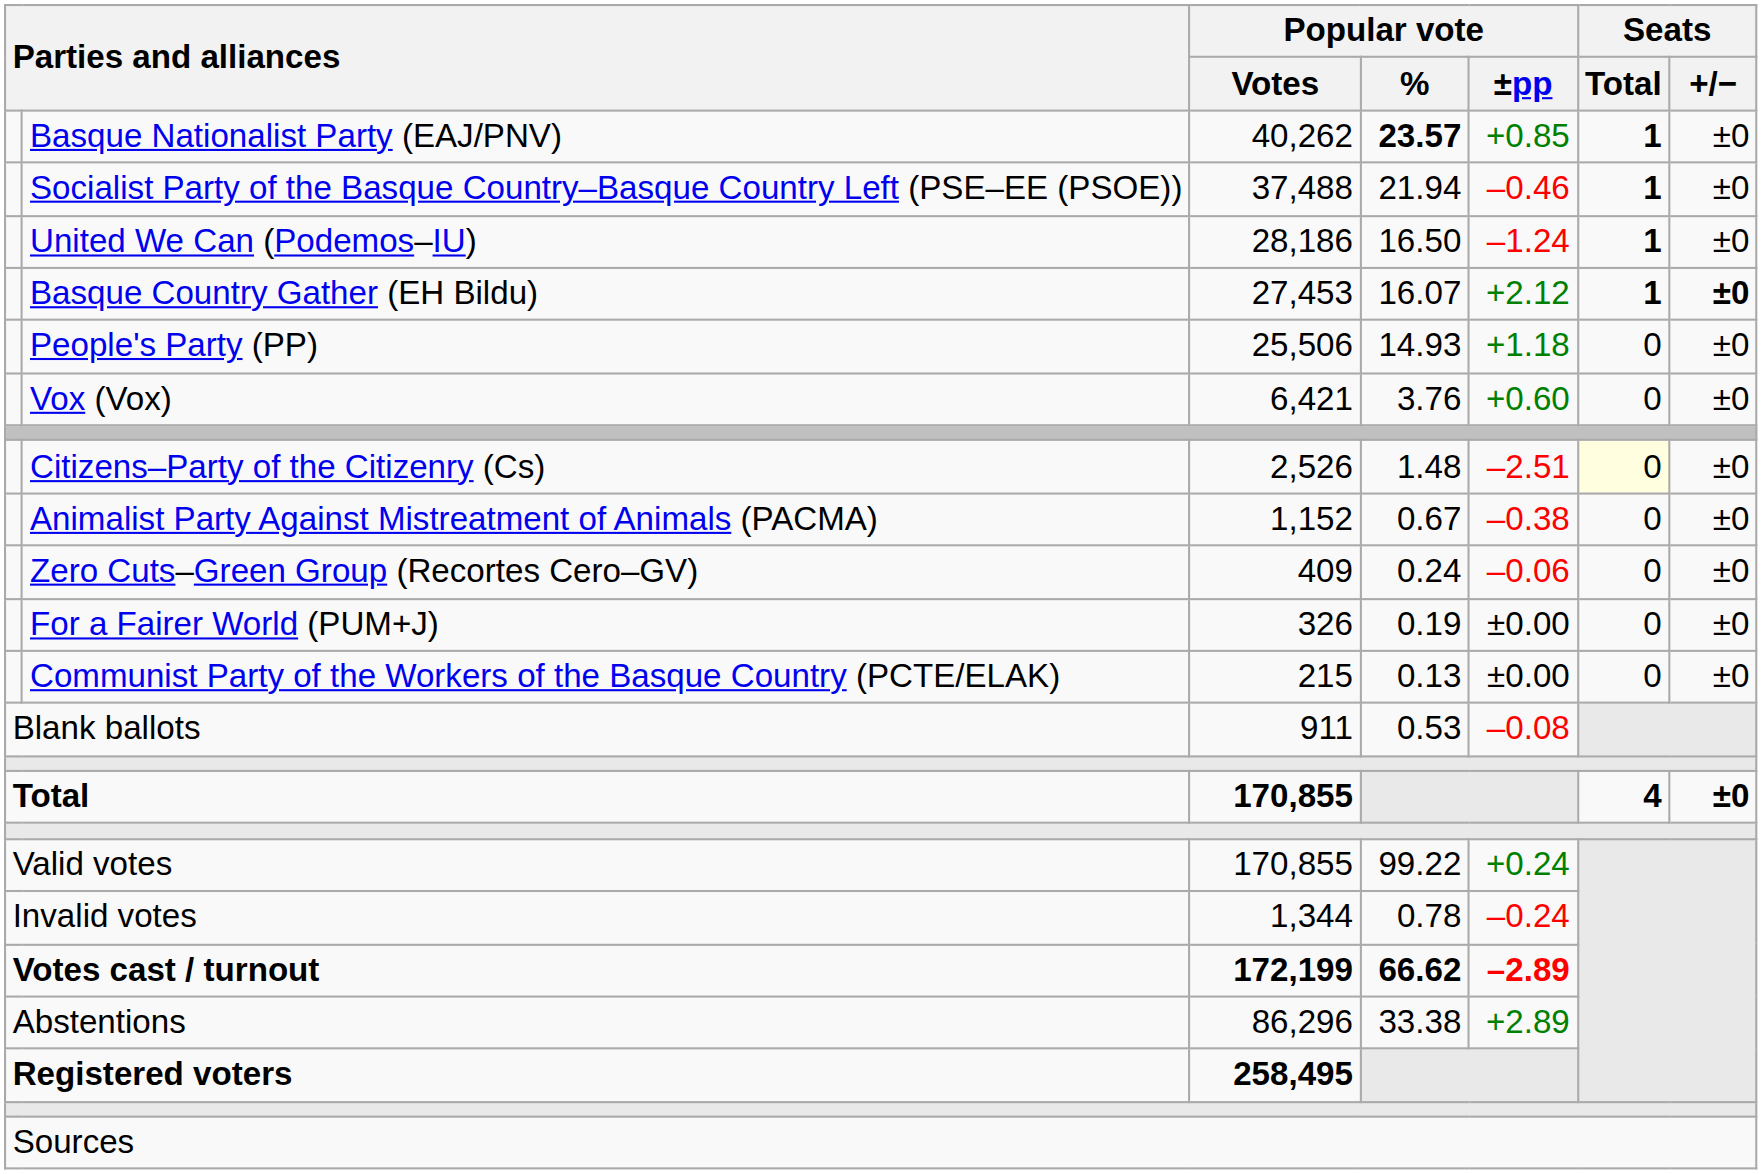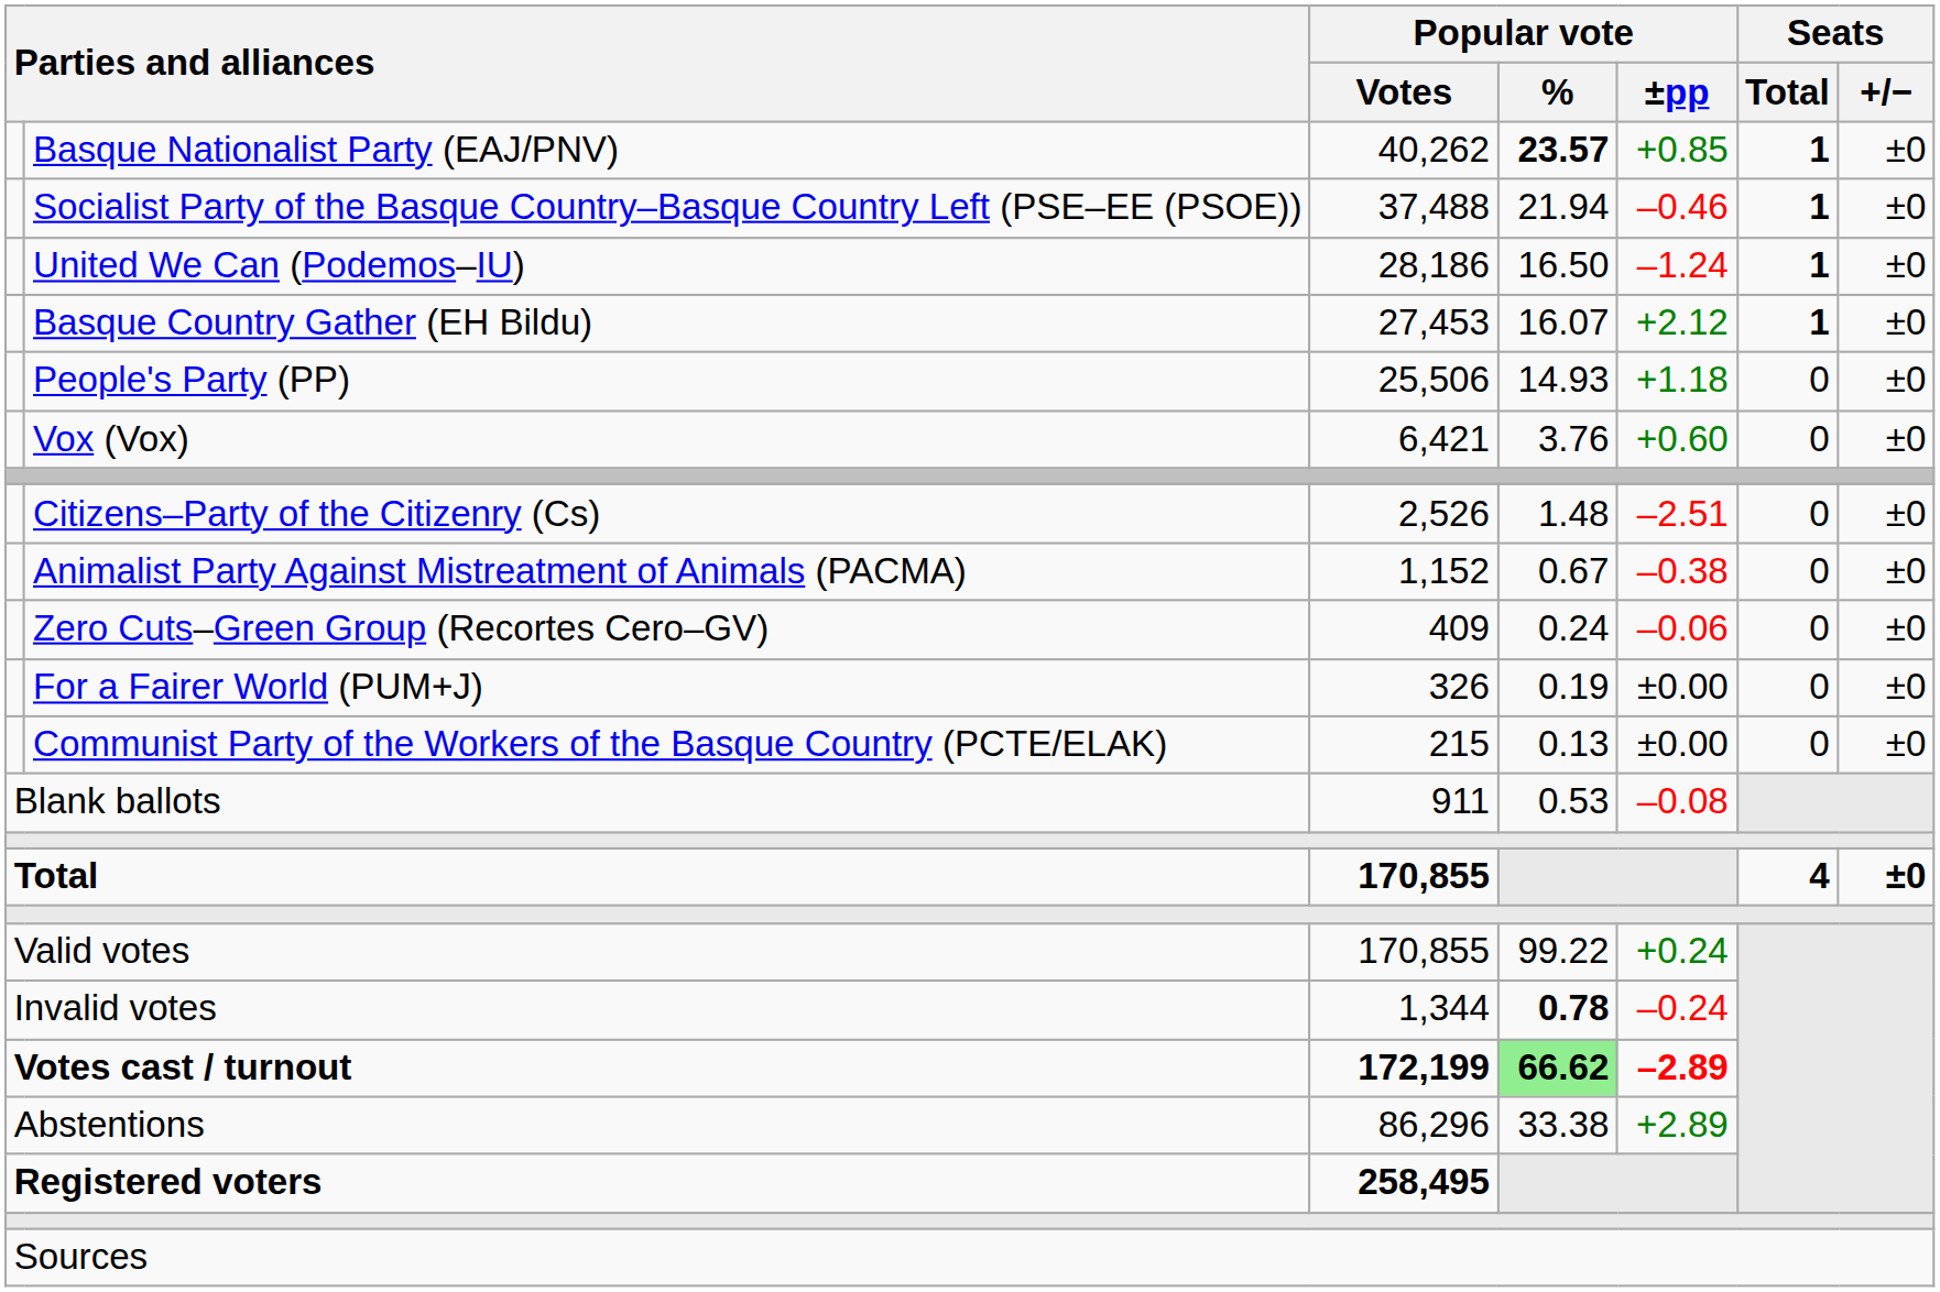 <table class="wikitable" style="text-align:right;">
 <tr>
 <th style="text-align:left;" rowspan="2" colspan="2" width="525">Parties and alliances</th>
 <th colspan="3">Popular vote</th>
 <th colspan="2">Seats</th>
 </tr>
 <tr>
 <th width="75">Votes</th>
 <th width="45">%</th>
 <th width="45">±<a href='#'>pp</a></th>
 <th width="35">Total</th>
 <th width="35">+/−</th>
 </tr>
 <tr>
 <td width="1" style="color:inherit;background:"></td>
 <td align="left"><a href='#'>Basque Nationalist Party</a> (EAJ/PNV)</td>
 <td>40,262</td>
 <td><strong>23.57</strong></td>
 <td style="color:green;">+0.85</td>
 <td><strong>1</strong></td>
 <td>±0</td>
 </tr>
 <tr>
 <td style="color:inherit;background:"></td>
 <td align="left"><a href='#'>Socialist Party of the Basque Country–Basque Country Left</a> (PSE–EE (PSOE))</td>
 <td>37,488</td>
 <td>21.94</td>
 <td style="color:red;">–0.46</td>
 <td><strong>1</strong></td>
 <td>±0</td>
 </tr>
 <tr>
 <td style="color:inherit;background:"></td>
 <td align="left"><a href='#'>United We Can</a> (<a href='#'>Podemos</a>–<a href='#'>IU</a>)</td>
 <td>28,186</td>
 <td>16.50</td>
 <td style="color:red;">–1.24</td>
 <td><strong>1</strong></td>
 <td>±0</td>
 </tr>
 <tr>
 <td style="color:inherit;background:"></td>
 <td align="left"><a href='#'>Basque Country Gather</a> (EH Bildu)</td>
 <td>27,453</td>
 <td>16.07</td>
 <td style="color:green;">+2.12</td>
 <td><strong>1</strong></td>
-<td><strong>±0</strong></td>
+<td>±0</td>
 </tr>
 <tr>
 <td style="color:inherit;background:"></td>
 <td align="left"><a href='#'>People's Party</a> (PP)</td>
 <td>25,506</td>
 <td>14.93</td>
 <td style="color:green;">+1.18</td>
 <td>0</td>
 <td>±0</td>
 </tr>
 <tr>
 <td style="color:inherit;background:"></td>
 <td align="left"><a href='#'>Vox</a> (Vox)</td>
 <td>6,421</td>
 <td>3.76</td>
 <td style="color:green;">+0.60</td>
 <td>0</td>
 <td>±0</td>
 </tr>
 <tr>
 <td colspan="7" bgcolor="#C0C0C0"></td>
 </tr>
 <tr>
 <td style="color:inherit;background:"></td>
 <td align="left"><a href='#'>Citizens–Party of the Citizenry</a> (Cs)</td>
 <td>2,526</td>
 <td>1.48</td>
 <td style="color:red;">–2.51</td>
-<td style="background: lightyellow;">0</td>
+<td>0</td>
 <td>±0</td>
 </tr>
 <tr>
 <td style="color:inherit;background:"></td>
 <td align="left"><a href='#'>Animalist Party Against Mistreatment of Animals</a> (PACMA)</td>
 <td>1,152</td>
 <td>0.67</td>
 <td style="color:red;">–0.38</td>
 <td>0</td>
 <td>±0</td>
 </tr>
 <tr>
 <td style="color:inherit;background:"></td>
 <td align="left"><a href='#'>Zero Cuts</a>–<a href='#'>Green Group</a> (Recortes Cero–GV)</td>
 <td>409</td>
 <td>0.24</td>
 <td style="color:red;">–0.06</td>
 <td>0</td>
 <td>±0</td>
 </tr>
 <tr>
 <td style="color:inherit;background:"></td>
 <td align="left"><a href='#'>For a Fairer World</a> (PUM+J)</td>
 <td>326</td>
 <td>0.19</td>
 <td>±0.00</td>
 <td>0</td>
 <td>±0</td>
 </tr>
 <tr>
 <td style="color:inherit;background:"></td>
 <td align="left"><a href='#'>Communist Party of the Workers of the Basque Country</a> (PCTE/ELAK)</td>
 <td>215</td>
 <td>0.13</td>
 <td>±0.00</td>
 <td>0</td>
 <td>±0</td>
 </tr>
 <tr>
 <td align="left" colspan="2">Blank ballots</td>
 <td>911</td>
 <td>0.53</td>
 <td style="color:red;">–0.08</td>
 <td bgcolor="#E9E9E9" colspan="2"></td>
 </tr>
 <tr>
 <td colspan="7" bgcolor="#E9E9E9"></td>
 </tr>
 <tr style="font-weight:bold;">
 <td align="left" colspan="2">Total</td>
 <td>170,855</td>
 <td bgcolor="#E9E9E9" colspan="2"></td>
 <td>4</td>
 <td>±0</td>
 </tr>
 <tr>
 <td colspan="7" bgcolor="#E9E9E9"></td>
 </tr>
 <tr>
 <td align="left" colspan="2">Valid votes</td>
 <td>170,855</td>
 <td>99.22</td>
 <td style="color:green;">+0.24</td>
 <td bgcolor="#E9E9E9" colspan="2" rowspan="5"></td>
 </tr>
 <tr>
 <td align="left" colspan="2">Invalid votes</td>
 <td>1,344</td>
-<td>0.78</td>
+<td><strong>0.78</strong></td>
 <td style="color:red;">–0.24</td>
 </tr>
 <tr style="font-weight:bold;">
 <td align="left" colspan="2">Votes cast / turnout</td>
 <td>172,199</td>
-<td>66.62</td>
+<td style="background: lightgreen;">66.62</td>
 <td style="color:red;">–2.89</td>
 </tr>
 <tr>
 <td align="left" colspan="2">Abstentions</td>
 <td>86,296</td>
 <td>33.38</td>
 <td style="color:green;">+2.89</td>
 </tr>
 <tr style="font-weight:bold;">
 <td align="left" colspan="2">Registered voters</td>
 <td>258,495</td>
 <td bgcolor="#E9E9E9" colspan="2"></td>
 </tr>
 <tr>
 <td colspan="7" bgcolor="#E9E9E9"></td>
 </tr>
 <tr>
 <td align="left" colspan="7">Sources</td>
 </tr>
 </table>
